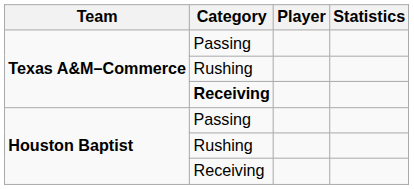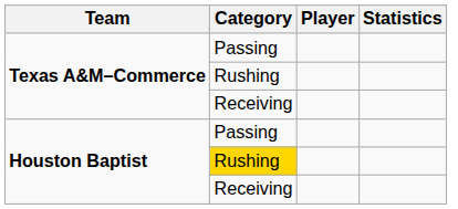 <table class="wikitable" style="float: left;">
 <tr>
 <th>Team</th>
 <th>Category</th>
 <th>Player</th>
 <th>Statistics</th>
 </tr>
 <tr>
 <td rowspan=3><strong>Texas A&M–Commerce</strong></td>
 <td>Passing</td>
 <td></td>
 <td></td>
 </tr>
 <tr>
 <td>Rushing</td>
 <td></td>
 <td></td>
 </tr>
 <tr>
-<td><strong>Receiving</strong></td>
+<td>Receiving</td>
 <td></td>
 <td></td>
 </tr>
 <tr>
 <td rowspan=3><strong>Houston Baptist</strong></td>
 <td>Passing</td>
 <td></td>
 <td></td>
 </tr>
 <tr>
-<td>Rushing</td>
+<td style="background: gold;">Rushing</td>
 <td></td>
 <td></td>
 </tr>
 <tr>
 <td>Receiving</td>
 <td></td>
 <td></td>
 </tr>
 </table>
